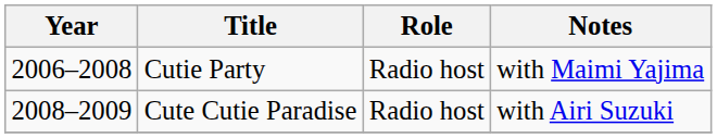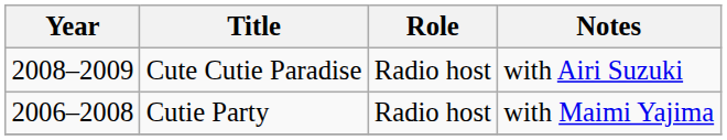 <table class="wikitable sortable">
 <tr>
 <th>Year</th>
 <th>Title</th>
 <th>Role</th>
 <th class="unsortable">Notes</th>
 </tr>
 <tr>
+<td>2008–2009</td>
+<td>Cute Cutie Paradise</td>
+<td>Radio host</td>
+<td>with <a href='#'>Airi Suzuki</a></td>
+</tr>
+<tr>
 <td>2006–2008</td>
 <td>Cutie Party</td>
 <td>Radio host</td>
 <td>with <a href='#'>Maimi Yajima</a></td>
 </tr>
 <tr>
-<td>2008–2009</td>
-<td>Cute Cutie Paradise</td>
-<td>Radio host</td>
-<td>with <a href='#'>Airi Suzuki</a></td>
-</tr>
-<tr>
 </tr>
 </table>
